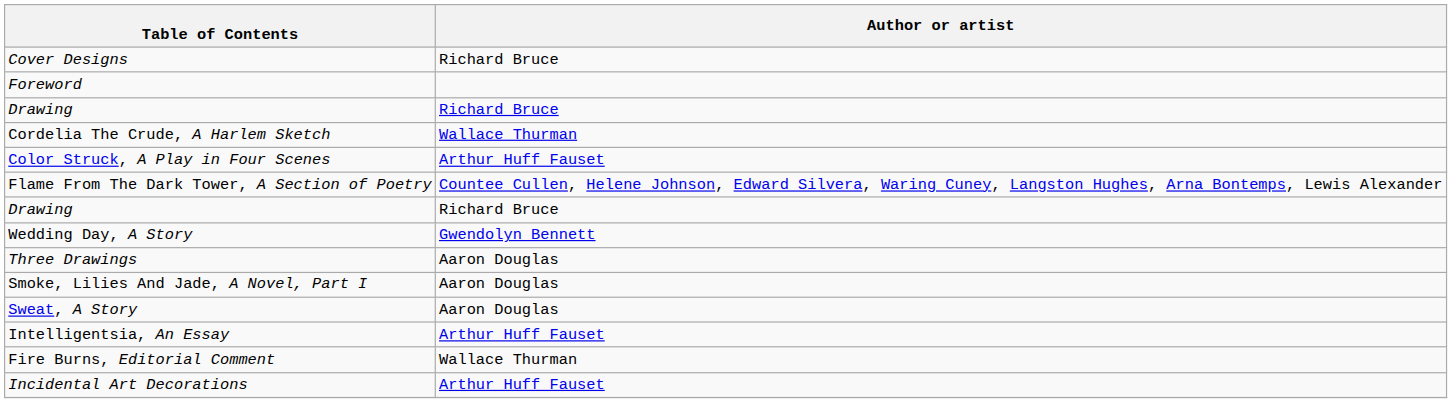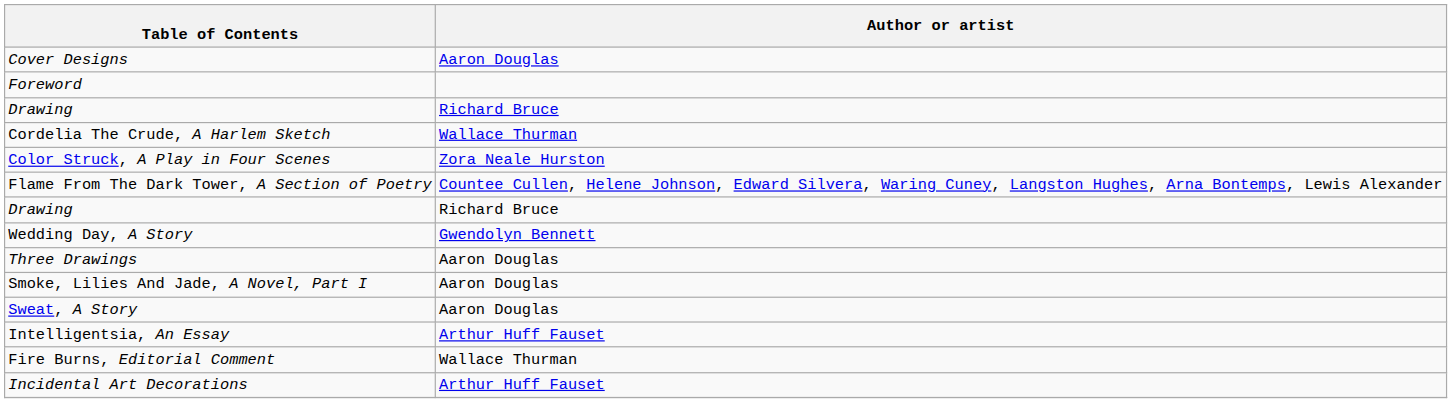 <table class="wikitable">
 <tr>
 <th><br>Table of Contents</th>
 <th>Author or artist</th>
 </tr>
 <tr>
 <td><em>Cover Designs</em></td>
-<td>Richard Bruce</td>
+<td><a href='#'>Aaron Douglas</a></td>
 </tr>
 <tr>
 <td><em>Foreword</em></td>
 <td></td>
 </tr>
 <tr>
 <td><em>Drawing</em></td>
 <td><a href='#'>Richard Bruce</a></td>
 </tr>
 <tr>
 <td>Cordelia The Crude, <em>A Harlem Sketch</em></td>
 <td><a href='#'>Wallace Thurman</a></td>
 </tr>
 <tr>
 <td><a href='#'>Color Struck</a>, <em>A Play in Four Scenes</em></td>
-<td><a href='#'>Arthur Huff Fauset</a></td>
+<td><a href='#'>Zora Neale Hurston</a></td>
 </tr>
 <tr>
 <td>Flame From The Dark Tower, <em>A Section of Poetry</em></td>
 <td><a href='#'>Countee Cullen</a>, <a href='#'>Helene Johnson</a>, <a href='#'>Edward Silvera</a>, <a href='#'>Waring Cuney</a>, <a href='#'>Langston Hughes</a>, <a href='#'>Arna Bontemps</a>, Lewis Alexander</td>
 </tr>
 <tr>
 <td><em>Drawing</em></td>
 <td>Richard Bruce</td>
 </tr>
 <tr>
 <td>Wedding Day, <em>A Story</em></td>
 <td><a href='#'>Gwendolyn Bennett</a></td>
 </tr>
 <tr>
 <td><em>Three Drawings</em></td>
 <td>Aaron Douglas</td>
 </tr>
 <tr>
 <td>Smoke, Lilies And Jade, <em>A Novel, Part I</em></td>
 <td>Aaron Douglas</td>
 </tr>
 <tr>
 <td><a href='#'>Sweat</a>, <em>A Story</em></td>
 <td>Aaron Douglas</td>
 </tr>
 <tr>
 <td>Intelligentsia, <em>An Essay</em></td>
 <td><a href='#'>Arthur Huff Fauset</a></td>
 </tr>
 <tr>
 <td>Fire Burns, <em>Editorial Comment</em></td>
 <td>Wallace Thurman</td>
 </tr>
 <tr>
 <td><em>Incidental Art Decorations</em></td>
 <td><a href='#'>Arthur Huff Fauset</a></td>
 </tr>
 <tr>
 </tr>
 </table>
